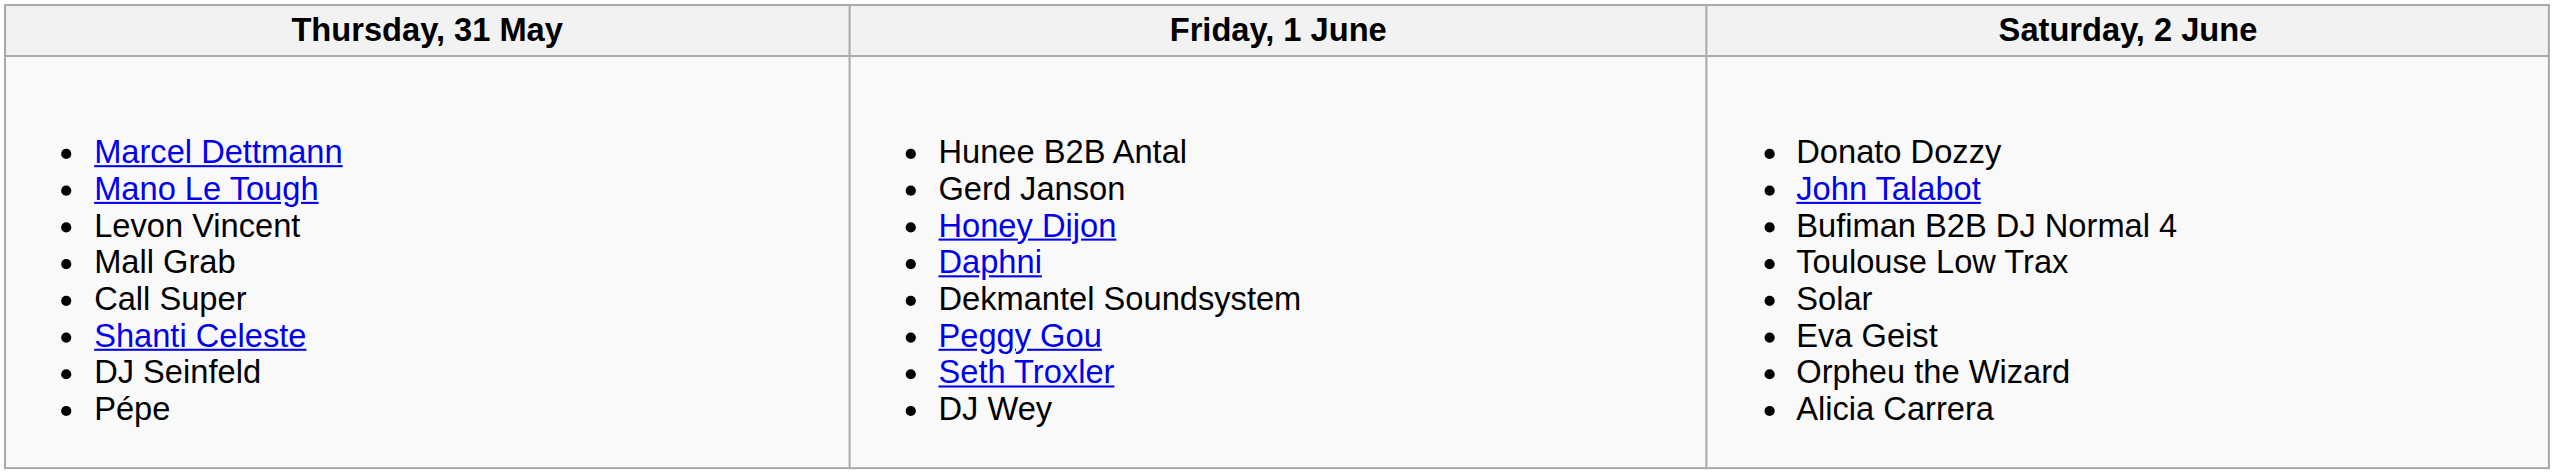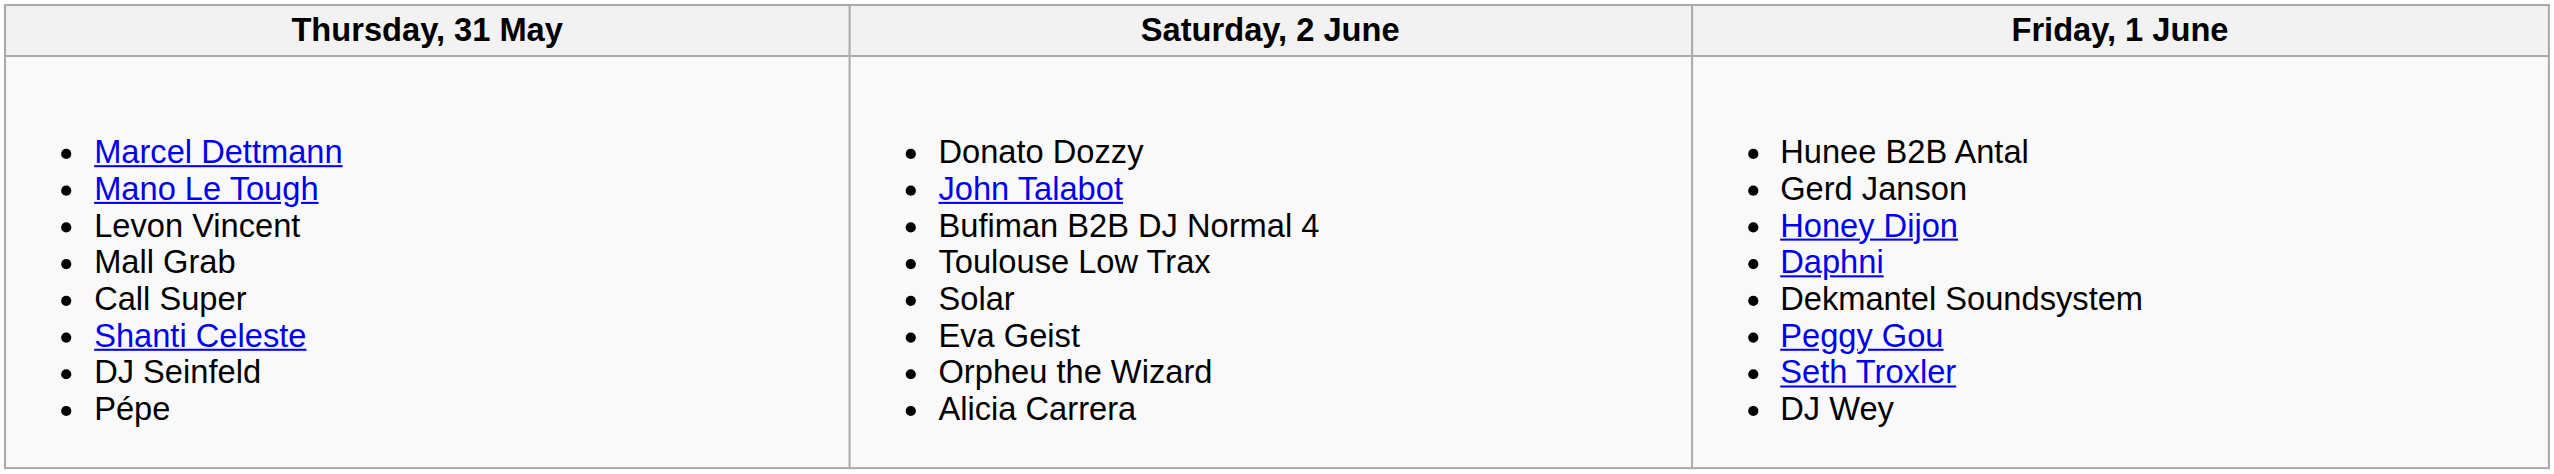 <table class="wikitable">
 <tr>
 <th width="500">Thursday, 31 May</th>
+<th width="500">Saturday, 2 June</th>
 <th width="500">Friday, 1 June</th>
-<th width="500">Saturday, 2 June</th>
 </tr>
 <tr valign="top">
 <td><br><ul><li><a href='#'>Marcel Dettmann</a></li><li><a href='#'>Mano Le Tough</a></li><li>Levon Vincent</li><li>Mall Grab</li><li>Call Super</li><li><a href='#'>Shanti Celeste</a></li><li>DJ Seinfeld</li><li>Pépe</li></ul></td>
+<td><br><ul><li>Donato Dozzy</li><li><a href='#'>John Talabot</a></li><li>Bufiman B2B DJ Normal 4</li><li>Toulouse Low Trax</li><li>Solar</li><li>Eva Geist</li><li>Orpheu the Wizard</li><li>Alicia Carrera</li></ul></td>
 <td><br><ul><li>Hunee B2B Antal</li><li>Gerd Janson</li><li><a href='#'>Honey Dijon</a></li><li><a href='#'>Daphni</a></li><li>Dekmantel Soundsystem</li><li><a href='#'>Peggy Gou</a></li><li><a href='#'>Seth Troxler</a></li><li>DJ Wey</li></ul></td>
-<td><br><ul><li>Donato Dozzy</li><li><a href='#'>John Talabot</a></li><li>Bufiman B2B DJ Normal 4</li><li>Toulouse Low Trax</li><li>Solar</li><li>Eva Geist</li><li>Orpheu the Wizard</li><li>Alicia Carrera</li></ul></td>
 </tr>
 </table>
